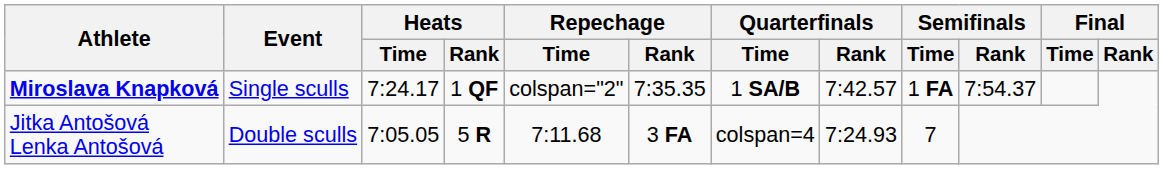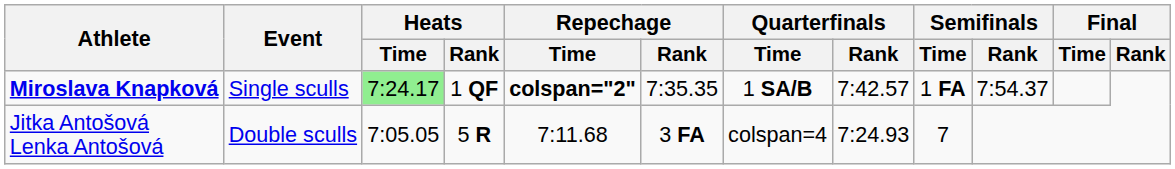 <table class="wikitable" style="font-size:90%">
 <tr>
 <th rowspan="2">Athlete</th>
 <th rowspan="2">Event</th>
 <th colspan="2">Heats</th>
 <th colspan="2">Repechage</th>
 <th colspan=2>Quarterfinals</th>
 <th colspan="2">Semifinals</th>
 <th colspan="2">Final</th>
 </tr>
 <tr style="font-size:95%">
 <th>Time</th>
 <th>Rank</th>
 <th>Time</th>
 <th>Rank</th>
 <th>Time</th>
 <th>Rank</th>
 <th>Time</th>
 <th>Rank</th>
 <th>Time</th>
 <th>Rank</th>
 </tr>
 <tr align=center>
 <td align=left><strong><a href='#'>Miroslava Knapková</a></strong></td>
 <td align=left><a href='#'>Single sculls</a></td>
-<td>7:24.17</td>
+<td style="background: lightgreen;">7:24.17</td>
 <td>1 <strong>QF</strong></td>
-<td>colspan="2" </td>
+<td><strong>colspan="2" </strong></td>
 <td>7:35.35</td>
 <td>1 <strong>SA/B</strong></td>
 <td>7:42.57</td>
 <td>1 <strong>FA</strong></td>
 <td>7:54.37</td>
 <td></td>
 </tr>
 <tr align=center>
 <td align=left><a href='#'>Jitka Antošová</a><br><a href='#'>Lenka Antošová</a></td>
 <td align=left><a href='#'>Double sculls</a></td>
 <td>7:05.05</td>
 <td>5 <strong>R</strong></td>
 <td>7:11.68</td>
 <td>3 <strong>FA</strong></td>
 <td>colspan=4 </td>
 <td>7:24.93</td>
 <td>7</td>
 </tr>
 </table>
